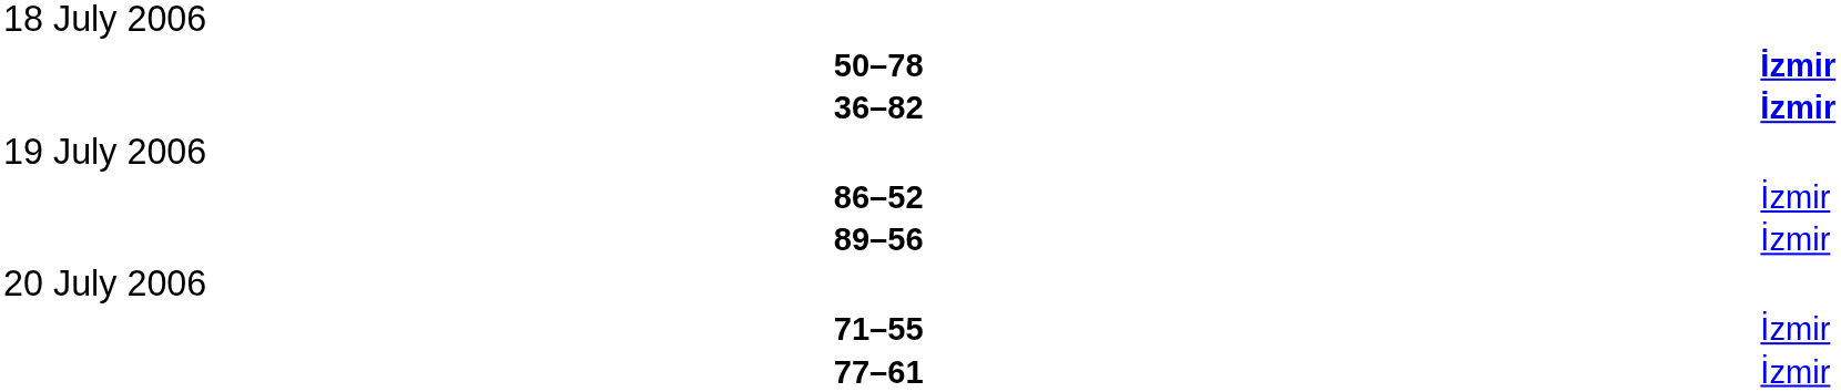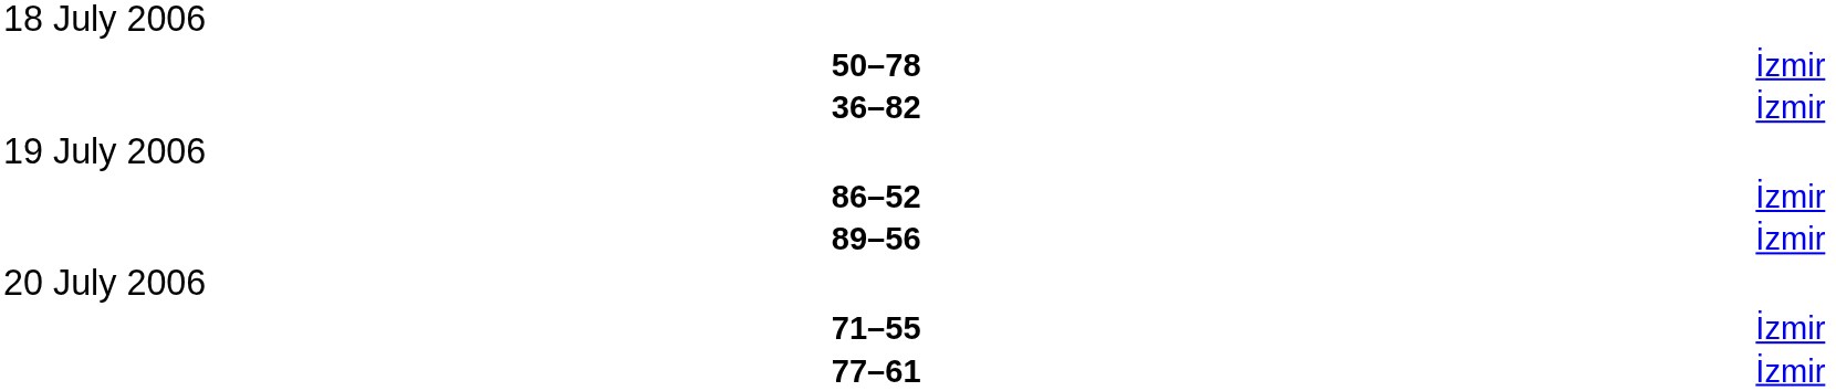 <table style="width:100%;" cellspacing="1">
 <tr>
 <th width=25%></th>
 <th width=3%></th>
 <th width=6%></th>
 <th width=3%></th>
 <th width=25%></th>
 </tr>
 <tr>
 <td>18 July 2006</td>
 </tr>
 <tr style=font-size:90%>
 <td align=right><strong></strong></td>
 <td></td>
 <td align=center><strong>50–78</strong></td>
 <td></td>
 <td><strong></strong></td>
-<td><strong><a href='#'>İzmir</a></strong></td>
+<td><a href='#'>İzmir</a></td>
 </tr>
 <tr style=font-size:90%>
 <td align=right><strong></strong></td>
 <td></td>
 <td align=center><strong>36–82</strong></td>
 <td></td>
 <td><strong></strong></td>
-<td><strong><a href='#'>İzmir</a></strong></td>
+<td><a href='#'>İzmir</a></td>
 </tr>
 <tr>
 <td>19 July 2006</td>
 </tr>
 <tr style=font-size:90%>
 <td align=right><strong></strong></td>
 <td></td>
 <td align=center><strong>86–52</strong></td>
 <td></td>
 <td><strong></strong></td>
 <td><a href='#'>İzmir</a></td>
 </tr>
 <tr style=font-size:90%>
 <td align=right><strong></strong></td>
 <td></td>
 <td align=center><strong>89–56</strong></td>
 <td></td>
 <td><strong></strong></td>
 <td><a href='#'>İzmir</a></td>
 </tr>
 <tr>
 <td>20 July 2006</td>
 </tr>
 <tr style=font-size:90%>
 <td align=right><strong></strong></td>
 <td></td>
 <td align=center><strong>71–55</strong></td>
 <td></td>
 <td><strong></strong></td>
 <td><a href='#'>İzmir</a></td>
 </tr>
 <tr style=font-size:90%>
 <td align=right><strong></strong></td>
 <td></td>
 <td align=center><strong>77–61</strong></td>
 <td></td>
 <td><strong></strong></td>
 <td><a href='#'>İzmir</a></td>
 </tr>
 </table>
